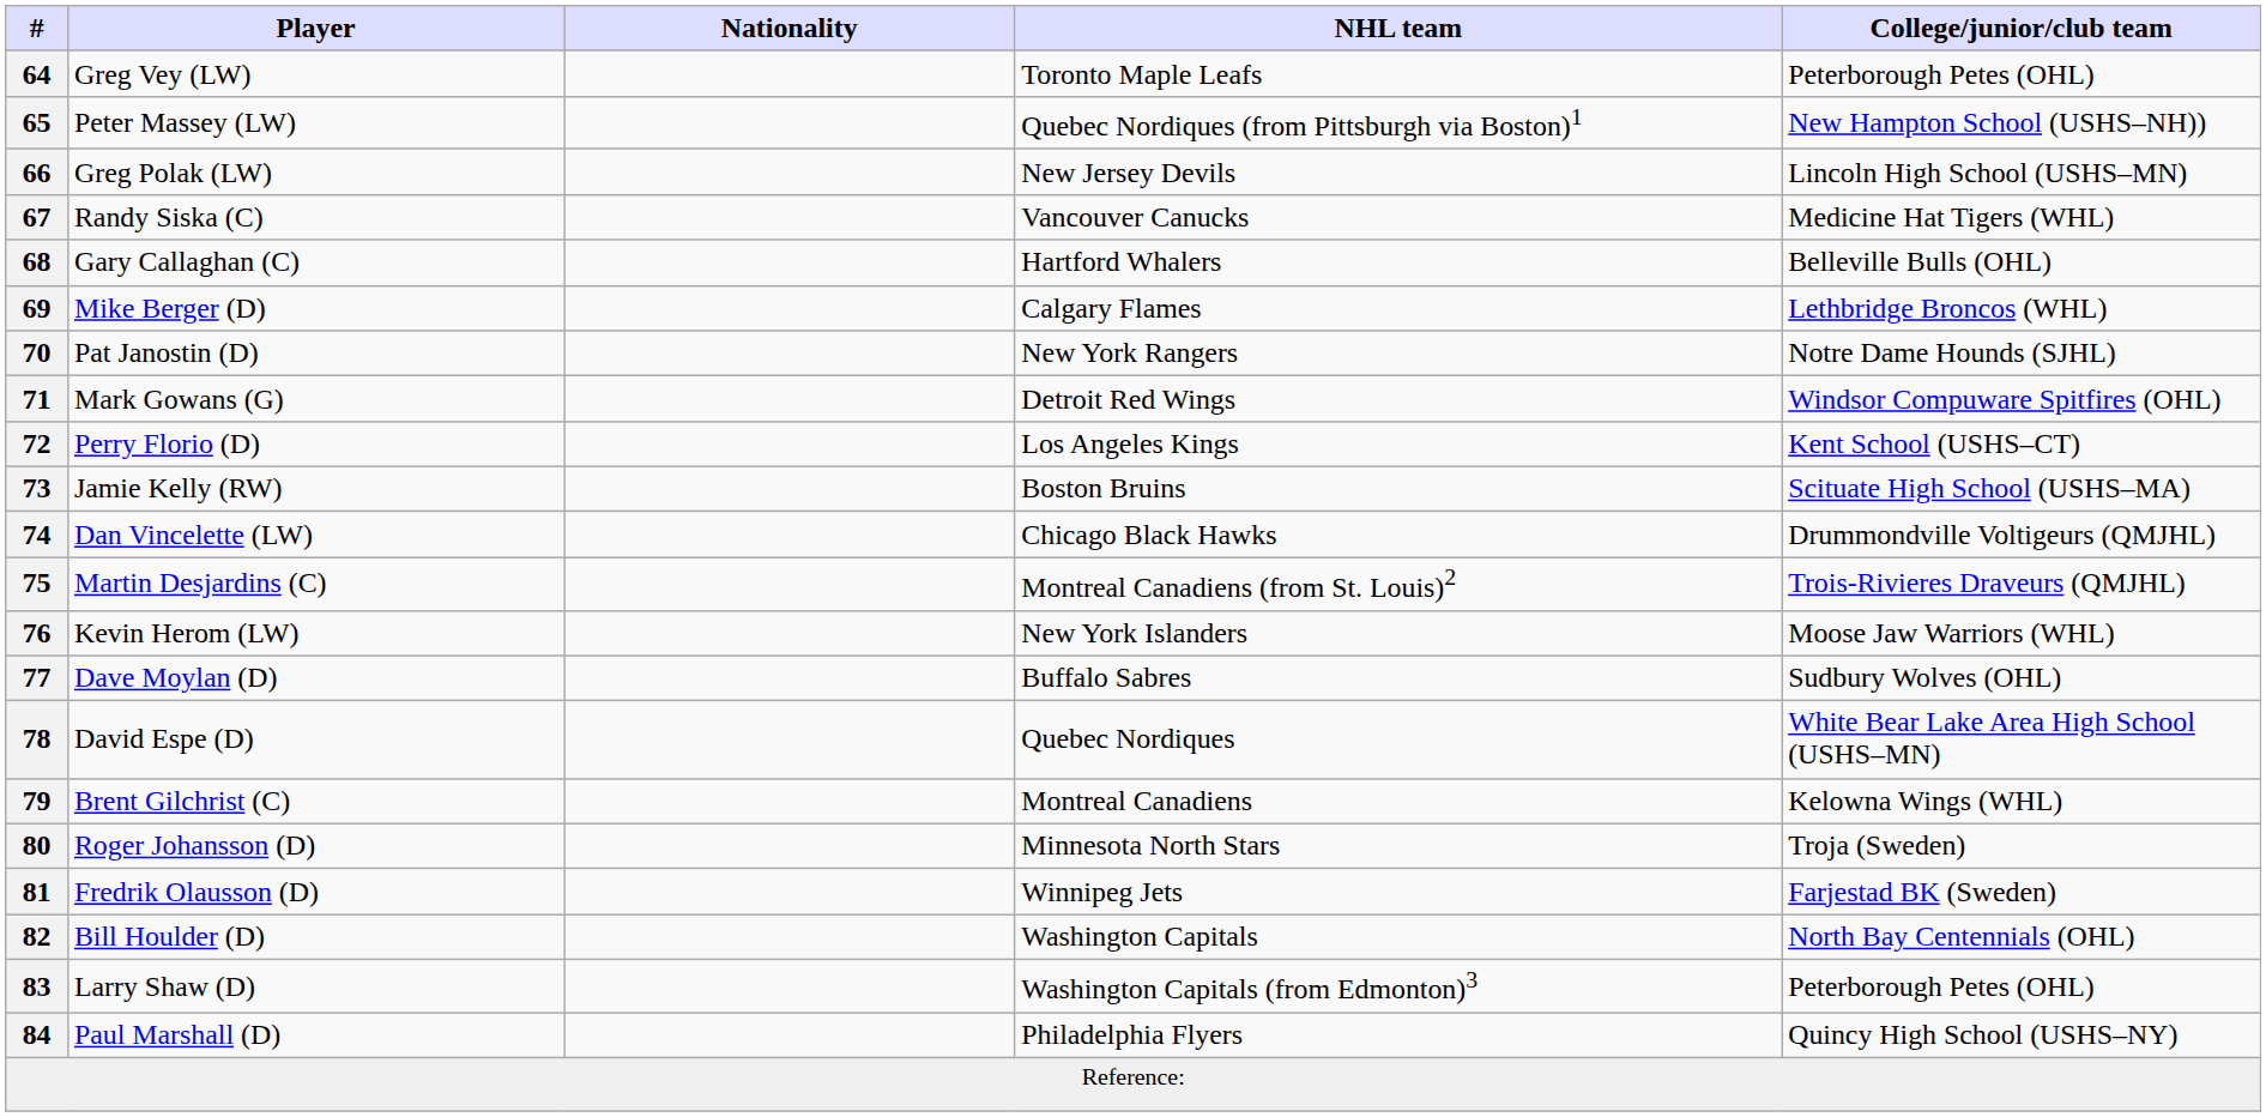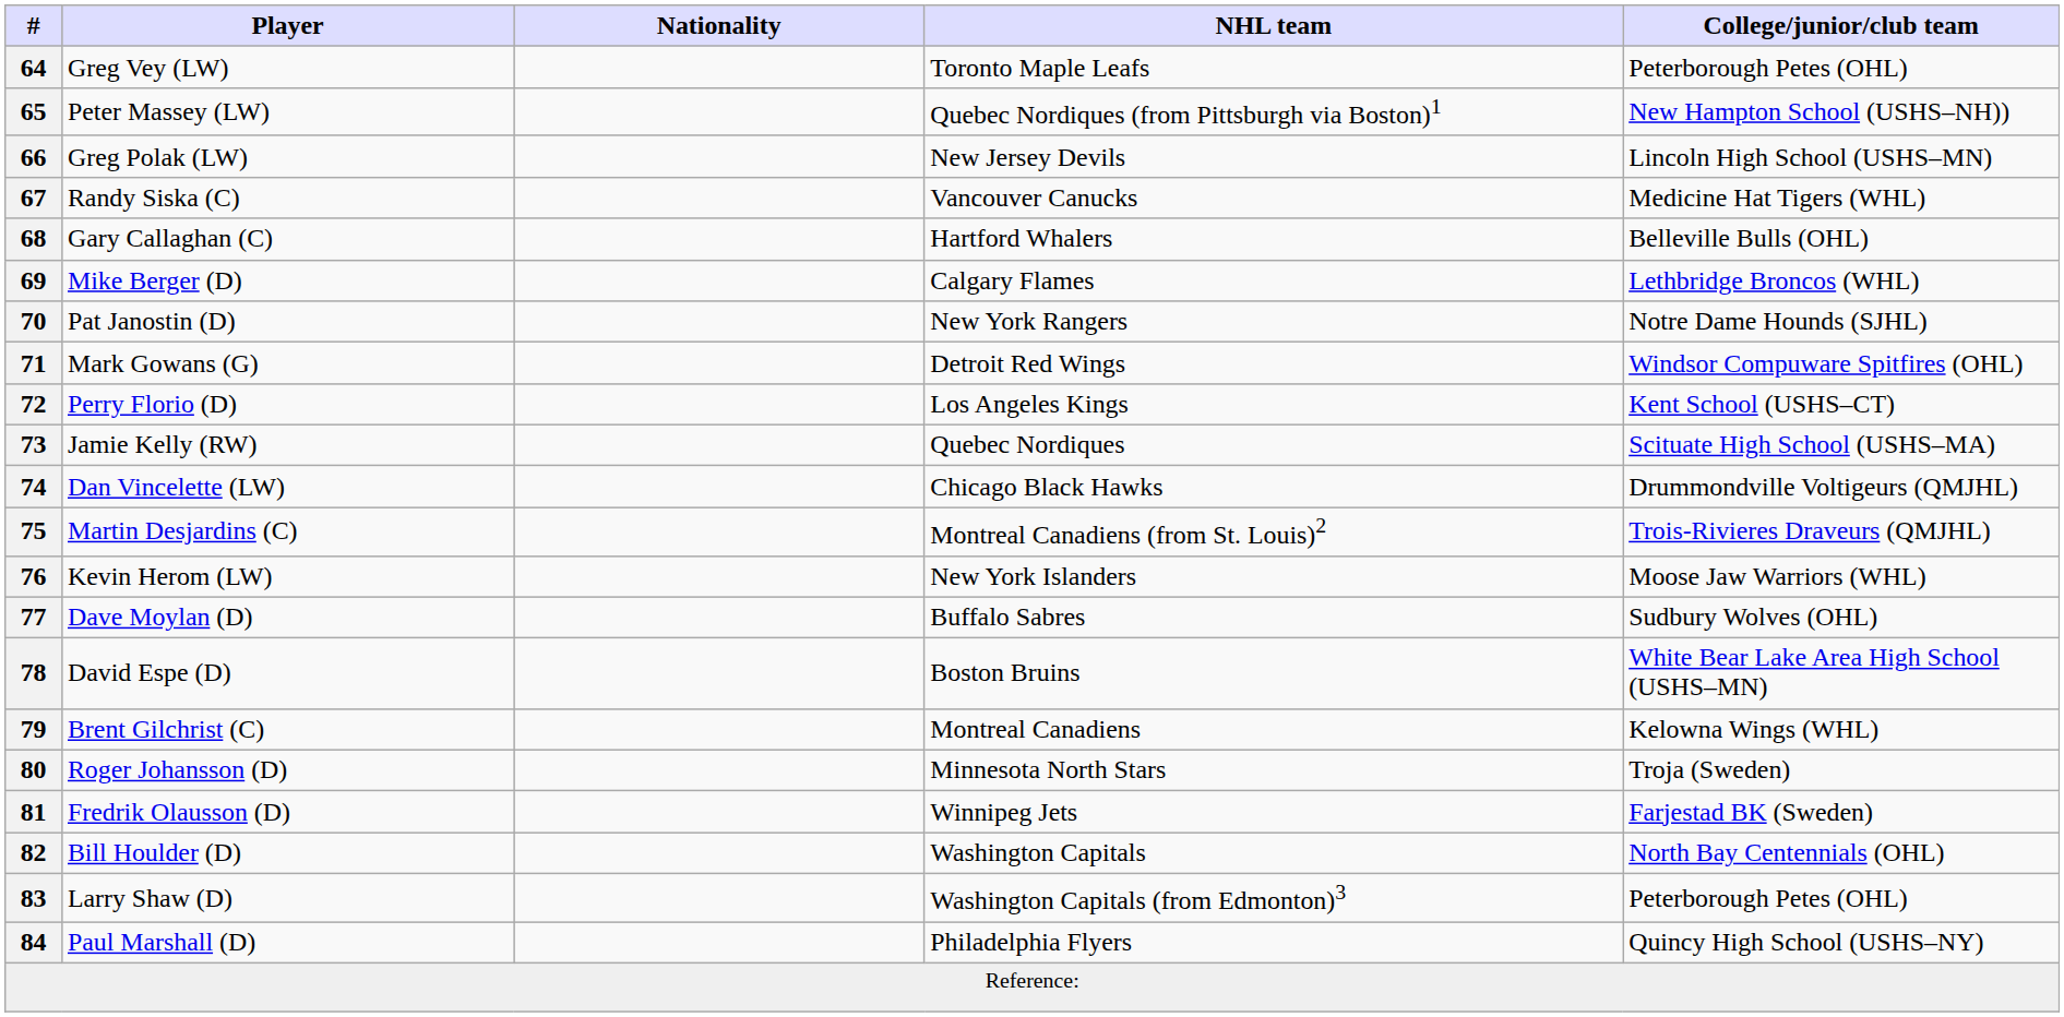 <table class="wikitable" style="width: 100%">
 <tr>
 <th style="background:#ddf; width:2.75%;">#</th>
 <th style="background:#ddf; width:22.0%;">Player</th>
 <th style="background:#ddf; width:20.0%;">Nationality</th>
 <th style="background:#ddf; width:34.0%;">NHL team</th>
 <th style="background:#ddf; width:100.0%;">College/junior/club team</th>
 </tr>
 <tr>
 <th>64</th>
 <td>Greg Vey (LW)</td>
 <td></td>
 <td>Toronto Maple Leafs</td>
 <td>Peterborough Petes (OHL)</td>
 </tr>
 <tr>
 <th>65</th>
 <td>Peter Massey (LW)</td>
 <td></td>
 <td>Quebec Nordiques (from Pittsburgh via Boston)<sup>1</sup></td>
 <td><a href='#'>New Hampton School</a> (USHS–NH))</td>
 </tr>
 <tr>
 <th>66</th>
 <td>Greg Polak (LW)</td>
 <td></td>
 <td>New Jersey Devils</td>
 <td>Lincoln High School (USHS–MN)</td>
 </tr>
 <tr>
 <th>67</th>
 <td>Randy Siska (C)</td>
 <td></td>
 <td>Vancouver Canucks</td>
 <td>Medicine Hat Tigers (WHL)</td>
 </tr>
 <tr>
 <th>68</th>
 <td>Gary Callaghan (C)</td>
 <td></td>
 <td>Hartford Whalers</td>
 <td>Belleville Bulls (OHL)</td>
 </tr>
 <tr>
 <th>69</th>
 <td><a href='#'>Mike Berger</a> (D)</td>
 <td></td>
 <td>Calgary Flames</td>
 <td><a href='#'>Lethbridge Broncos</a> (WHL)</td>
 </tr>
 <tr>
 <th>70</th>
 <td>Pat Janostin (D)</td>
 <td></td>
 <td>New York Rangers</td>
 <td>Notre Dame Hounds (SJHL)</td>
 </tr>
 <tr>
 <th>71</th>
 <td>Mark Gowans (G)</td>
 <td></td>
 <td>Detroit Red Wings</td>
 <td><a href='#'>Windsor Compuware Spitfires</a> (OHL)</td>
 </tr>
 <tr>
 <th>72</th>
 <td><a href='#'>Perry Florio</a> (D)</td>
 <td></td>
 <td>Los Angeles Kings</td>
 <td><a href='#'>Kent School</a> (USHS–CT)</td>
 </tr>
 <tr>
 <th>73</th>
 <td>Jamie Kelly (RW)</td>
 <td></td>
-<td>Boston Bruins</td>
+<td>Quebec Nordiques</td>
 <td><a href='#'>Scituate High School</a> (USHS–MA)</td>
 </tr>
 <tr>
 <th>74</th>
 <td><a href='#'>Dan Vincelette</a> (LW)</td>
 <td></td>
 <td>Chicago Black Hawks</td>
 <td>Drummondville Voltigeurs (QMJHL)</td>
 </tr>
 <tr>
 <th>75</th>
 <td><a href='#'>Martin Desjardins</a> (C)</td>
 <td></td>
 <td>Montreal Canadiens (from St. Louis)<sup>2</sup></td>
 <td><a href='#'>Trois-Rivieres Draveurs</a> (QMJHL)</td>
 </tr>
 <tr>
 <th>76</th>
 <td>Kevin Herom (LW)</td>
 <td></td>
 <td>New York Islanders</td>
 <td>Moose Jaw Warriors (WHL)</td>
 </tr>
 <tr>
 <th>77</th>
 <td><a href='#'>Dave Moylan</a> (D)</td>
 <td></td>
 <td>Buffalo Sabres</td>
 <td>Sudbury Wolves (OHL)</td>
 </tr>
 <tr>
 <th>78</th>
 <td>David Espe (D)</td>
 <td></td>
-<td>Quebec Nordiques</td>
+<td>Boston Bruins</td>
 <td><a href='#'>White Bear Lake Area High School</a> (USHS–MN)</td>
 </tr>
 <tr>
 <th>79</th>
 <td><a href='#'>Brent Gilchrist</a> (C)</td>
 <td></td>
 <td>Montreal Canadiens</td>
 <td>Kelowna Wings (WHL)</td>
 </tr>
 <tr>
 <th>80</th>
 <td><a href='#'>Roger Johansson</a> (D)</td>
 <td></td>
 <td>Minnesota North Stars</td>
 <td>Troja (Sweden)</td>
 </tr>
 <tr>
 <th>81</th>
 <td><a href='#'>Fredrik Olausson</a> (D)</td>
 <td></td>
 <td>Winnipeg Jets</td>
 <td><a href='#'>Farjestad BK</a> (Sweden)</td>
 </tr>
 <tr>
 <th>82</th>
 <td><a href='#'>Bill Houlder</a> (D)</td>
 <td></td>
 <td>Washington Capitals</td>
 <td><a href='#'>North Bay Centennials</a> (OHL)</td>
 </tr>
 <tr>
 <th>83</th>
 <td>Larry Shaw (D)</td>
 <td></td>
 <td>Washington Capitals (from Edmonton)<sup>3</sup></td>
 <td>Peterborough Petes (OHL)</td>
 </tr>
 <tr>
 <th>84</th>
 <td><a href='#'>Paul Marshall</a> (D)</td>
 <td></td>
 <td>Philadelphia Flyers</td>
 <td>Quincy High School (USHS–NY)</td>
 </tr>
 <tr>
 <td align=center colspan="6" bgcolor="#efefef"><sup>Reference:  </sup></td>
 </tr>
 </table>
